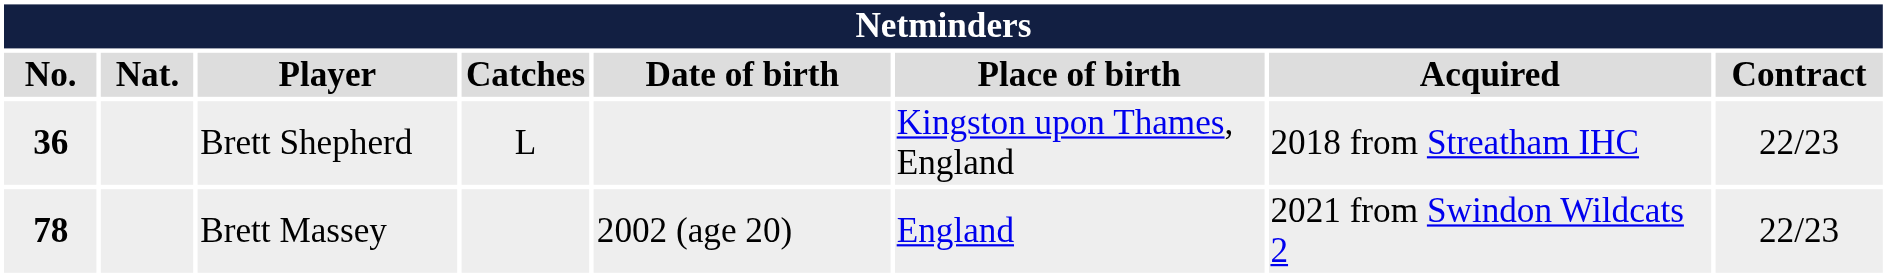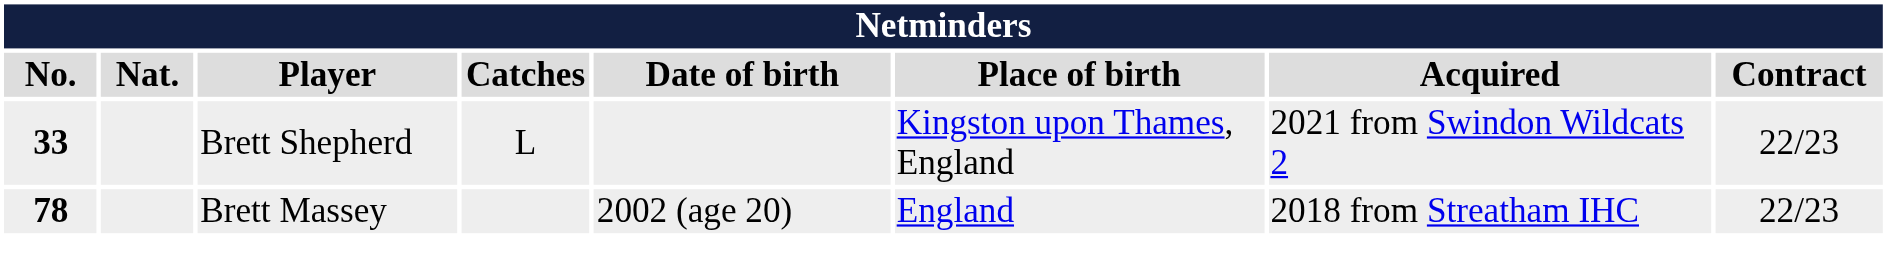 <table class="toccolours"  style="width:97%; clear:both; margin:1.5em auto; text-align:center;">
 <tr>
 <th colspan="10" style="background:#121f42; color:white;”">Netminders</th>
 </tr>
 <tr style="background:#ddd;">
 <th width=5%>No.</th>
 <th width=5%>Nat.</th>
 <th !width=22%>Player</th>
 <th width=7%>Catches</th>
 <th width=16%>Date of birth</th>
 <th width=20%>Place of birth</th>
 <th width=24%>Acquired</th>
 <td><strong>Contract</strong></td>
 </tr>
 <tr style="background:#eee;">
-<td><strong>36</strong></td>
+<td><strong>33</strong></td>
 <td></td>
 <td align=left>Brett Shepherd</td>
 <td>L</td>
 <td align=left></td>
 <td align=left><a href='#'>Kingston upon Thames</a>, England</td>
-<td align=left>2018 from <a href='#'>Streatham IHC</a></td>
+<td align=left>2021 from <a href='#'>Swindon Wildcats 2</a></td>
 <td>22/23</td>
 </tr>
 <tr style="background:#eee;">
 <td><strong>78</strong></td>
 <td></td>
 <td align=left>Brett Massey</td>
 <td></td>
 <td align=left>2002 (age 20)</td>
 <td align=left><a href='#'>England</a></td>
-<td align=left>2021 from <a href='#'>Swindon Wildcats 2</a></td>
+<td align=left>2018 from <a href='#'>Streatham IHC</a></td>
 <td>22/23</td>
 </tr>
 </table>
